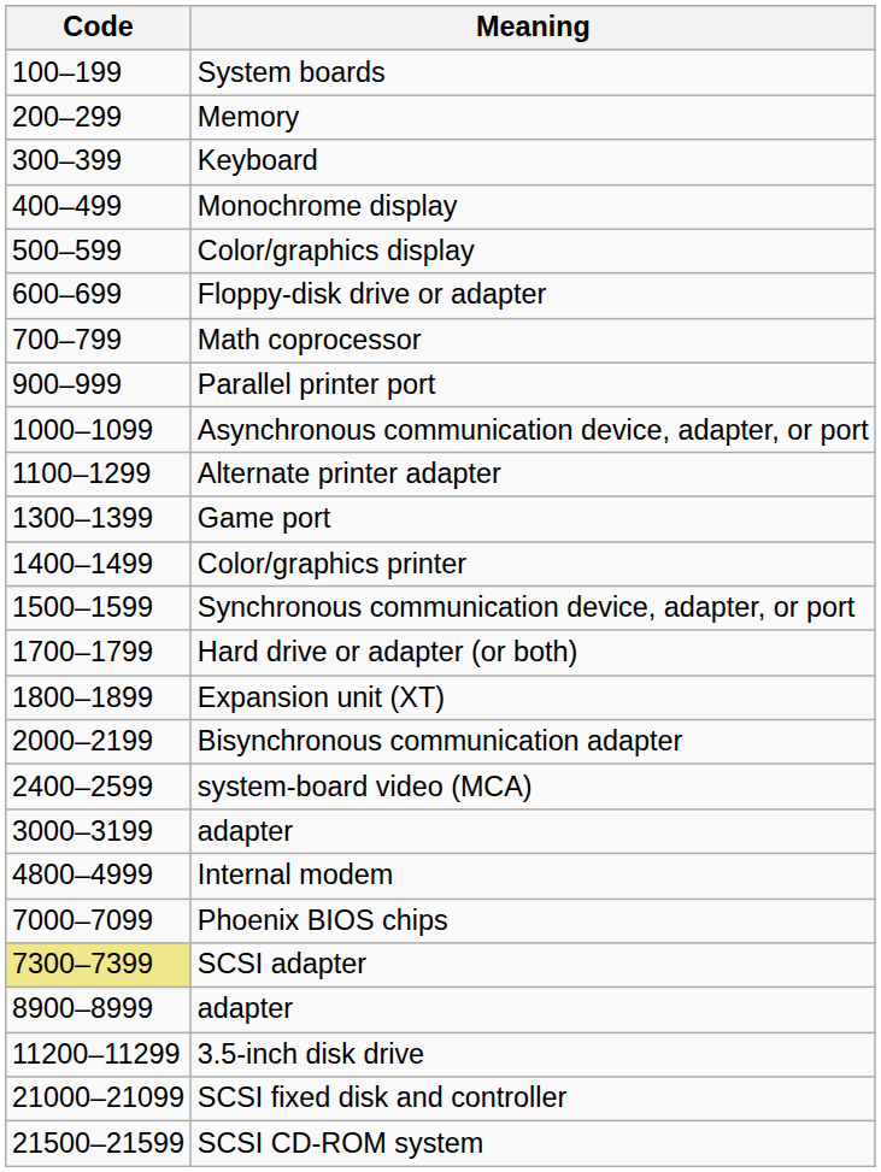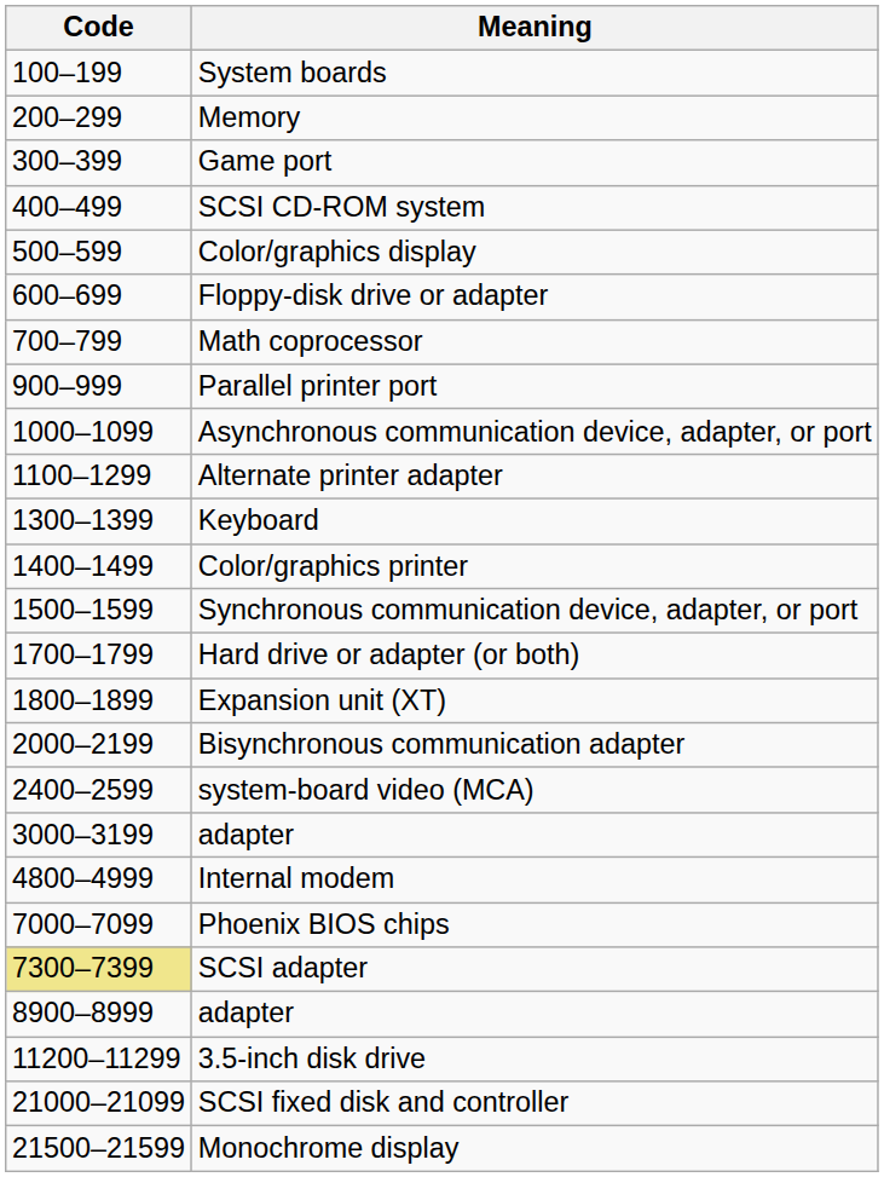 <table class="wikitable">
 <tr>
 <th>Code</th>
 <th>Meaning</th>
 </tr>
 <tr>
 <td>100–199</td>
 <td>System boards</td>
 </tr>
 <tr>
 <td>200–299</td>
 <td>Memory</td>
 </tr>
 <tr>
 <td>300–399</td>
-<td>Keyboard</td>
+<td>Game port</td>
 </tr>
 <tr>
 <td>400–499</td>
-<td>Monochrome display</td>
+<td>SCSI CD-ROM system</td>
 </tr>
 <tr>
 <td>500–599</td>
 <td>Color/graphics display</td>
 </tr>
 <tr>
 <td>600–699</td>
 <td>Floppy-disk drive or adapter</td>
 </tr>
 <tr>
 <td>700–799</td>
 <td>Math coprocessor</td>
 </tr>
 <tr>
 <td>900–999</td>
 <td>Parallel printer port</td>
 </tr>
 <tr>
 <td>1000–1099</td>
 <td>Asynchronous communication device, adapter, or port</td>
 </tr>
 <tr>
 <td>1100–1299</td>
 <td>Alternate printer adapter</td>
 </tr>
 <tr>
 <td>1300–1399</td>
-<td>Game port</td>
+<td>Keyboard</td>
 </tr>
 <tr>
 <td>1400–1499</td>
 <td>Color/graphics printer</td>
 </tr>
 <tr>
 <td>1500–1599</td>
 <td>Synchronous communication device, adapter, or port</td>
 </tr>
 <tr>
 <td>1700–1799</td>
 <td>Hard drive or adapter (or both)</td>
 </tr>
 <tr>
 <td>1800–1899</td>
 <td>Expansion unit (XT)</td>
 </tr>
 <tr>
 <td>2000–2199</td>
 <td>Bisynchronous communication adapter</td>
 </tr>
 <tr>
 <td>2400–2599</td>
 <td> system-board video (MCA)</td>
 </tr>
 <tr>
 <td>3000–3199</td>
 <td> adapter</td>
 </tr>
 <tr>
 <td>4800–4999</td>
 <td>Internal modem</td>
 </tr>
 <tr>
 <td>7000–7099</td>
 <td>Phoenix BIOS chips</td>
 </tr>
 <tr>
 <td style="background: khaki;">7300–7399</td>
 <td>SCSI adapter</td>
 </tr>
 <tr>
 <td>8900–8999</td>
 <td> adapter</td>
 </tr>
 <tr>
 <td>11200–11299</td>
 <td>3.5-inch disk drive</td>
 </tr>
 <tr>
 <td>21000–21099</td>
 <td>SCSI fixed disk and controller</td>
 </tr>
 <tr>
 <td>21500–21599</td>
-<td>SCSI CD-ROM system</td>
+<td>Monochrome display</td>
 </tr>
 </table>
